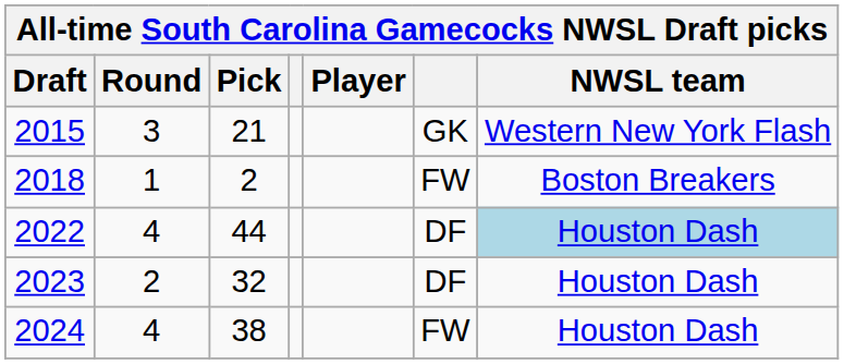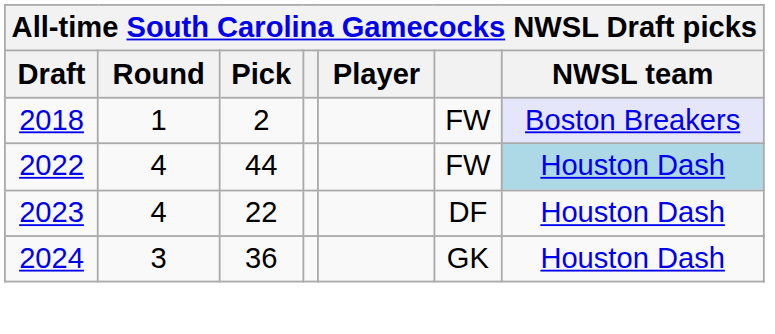 <table class="wikitable sortable" style="text-align: center;">
 <tr>
 <th colspan="7" style="background:#">All-time <a href='#'><span>South Carolina Gamecocks</span></a> NWSL Draft picks</th>
 </tr>
 <tr>
 <th scope="col">Draft</th>
 <th scope="col">Round</th>
 <th scope="col">Pick</th>
 <th scope="col"></th>
 <th scope="col">Player</th>
 <th scope="col"></th>
 <th scope="col">NWSL team</th>
 </tr>
 <tr>
-<td><a href='#'>2015</a></td>
-<td>3</td>
-<td>21</td>
-<td></td>
-<td></td>
-<td>GK</td>
-<td><a href='#'>Western New York Flash</a></td>
-</tr>
-<tr>
 <td><a href='#'>2018</a></td>
 <td>1</td>
 <td>2</td>
 <td></td>
 <td></td>
 <td>FW</td>
-<td><a href='#'>Boston Breakers</a></td>
+<td style="background: lavender;"><a href='#'>Boston Breakers</a></td>
 </tr>
 <tr>
 <td><a href='#'>2022</a></td>
 <td>4</td>
 <td>44</td>
 <td></td>
 <td></td>
-<td>DF</td>
+<td>FW</td>
 <td style="background: lightblue;"><a href='#'>Houston Dash</a></td>
 </tr>
 <tr>
 <td><a href='#'>2023</a></td>
-<td>2</td>
-<td>32</td>
+<td>4</td>
+<td>22</td>
 <td></td>
 <td></td>
 <td>DF</td>
 <td><a href='#'>Houston Dash</a></td>
 </tr>
 <tr>
 <td><a href='#'>2024</a></td>
-<td>4</td>
-<td>38</td>
+<td>3</td>
+<td>36</td>
 <td></td>
 <td></td>
-<td>FW</td>
+<td>GK</td>
 <td><a href='#'>Houston Dash</a></td>
 </tr>
 </table>
